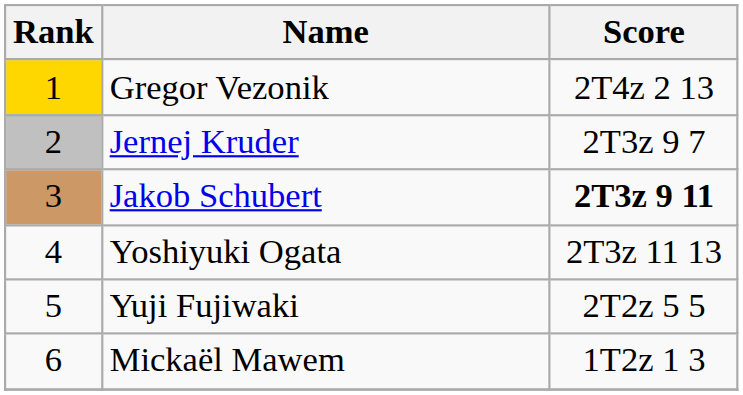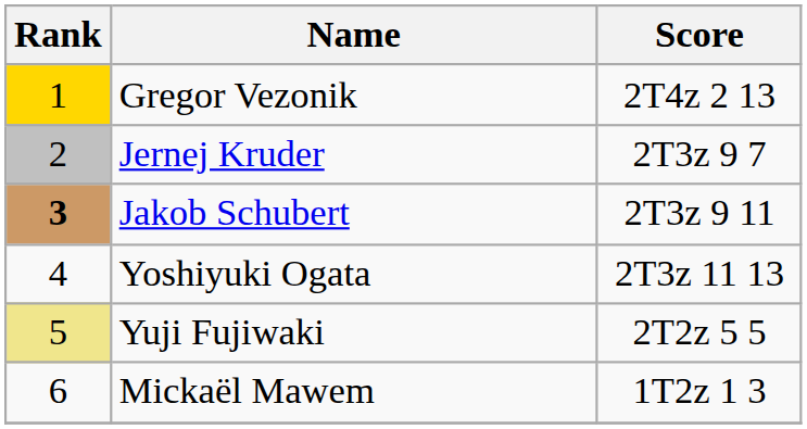 <table class="wikitable">
 <tr>
 <th>Rank</th>
 <th width = "200">Name</th>
 <th width = "80">Score</th>
 </tr>
 <tr>
 <td align="center" style="background: gold">1</td>
 <td> Gregor Vezonik</td>
 <td align="center">2T4z 2 13</td>
 </tr>
 <tr>
 <td align="center" style="background: silver">2</td>
 <td> <a href='#'>Jernej Kruder</a></td>
 <td align="center">2T3z 9 7</td>
 </tr>
 <tr>
-<td align="center" style="background: #cc9966">3</td>
+<td align="center" style="background: #cc9966"><strong>3</strong></td>
 <td> <a href='#'>Jakob Schubert</a></td>
-<td align="center"><strong>2T3z 9 11</strong></td>
+<td align="center">2T3z 9 11</td>
 </tr>
 <tr>
 <td align="center">4</td>
 <td> Yoshiyuki Ogata</td>
 <td align="center">2T3z 11 13</td>
 </tr>
 <tr>
-<td align="center">5</td>
+<td align="center" style="background: khaki;">5</td>
 <td> Yuji Fujiwaki</td>
 <td align="center">2T2z 5 5</td>
 </tr>
 <tr>
 <td align="center">6</td>
 <td> Mickaël Mawem</td>
 <td align="center">1T2z 1 3</td>
 </tr>
 <tr>
 </tr>
 </table>
